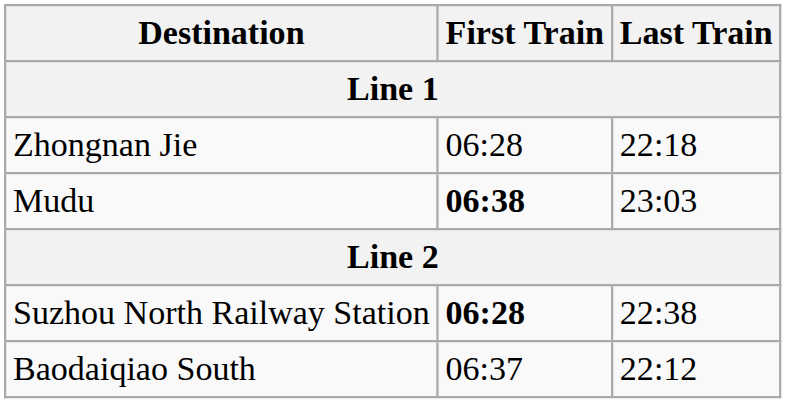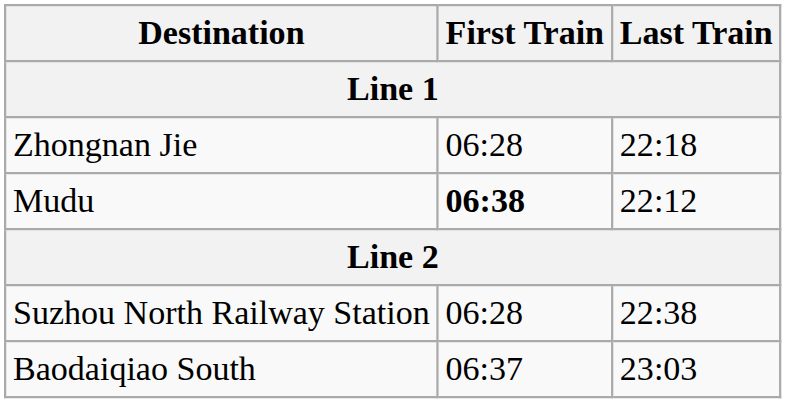 <table class="wikitable" style="text-align:centre; font-size:95%;">
 <tr>
 <th>Destination</th>
 <th>First Train</th>
 <th>Last Train</th>
 </tr>
 <tr>
 <th colspan="8" style="background-color:#">Line 1</th>
 </tr>
 <tr>
 <td>Zhongnan Jie</td>
 <td>06:28</td>
 <td>22:18</td>
 </tr>
 <tr>
 <td>Mudu</td>
 <td><strong>06:38</strong></td>
-<td>23:03</td>
+<td>22:12</td>
 </tr>
 <tr>
 <th colspan="8" style="background-color:#">Line 2</th>
 </tr>
 <tr>
 <td>Suzhou North Railway Station</td>
-<td><strong>06:28</strong></td>
+<td>06:28</td>
 <td>22:38</td>
 </tr>
 <tr>
 <td>Baodaiqiao South</td>
 <td>06:37</td>
-<td>22:12</td>
+<td>23:03</td>
 </tr>
 </table>
